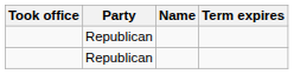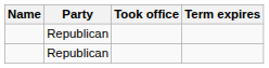 <table class="wikitable sortable" style="text-align:center">
 <tr>
+<th>Name</th>
+<th>Party</th>
 <th>Took office</th>
-<th>Party</th>
-<th>Name</th>
 <th>Term expires</th>
 </tr>
 <tr>
+<td> </td>
+<td>Republican</td>
 <td></td>
-<td>Republican</td>
-<td> </td>
 <td><br></td>
 </tr>
 <tr>
 <td></td>
 <td>Republican</td>
 <td></td>
 <td></td>
 </tr>
 </table>
